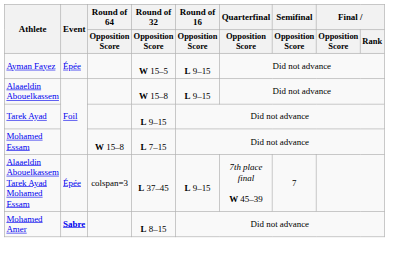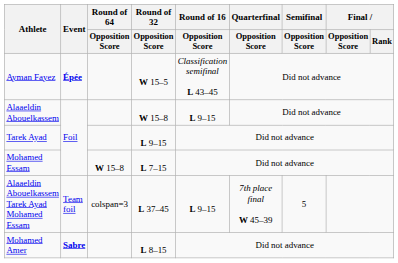 <table class="wikitable" style="font-size:90%">
 <tr>
 <th rowspan=2>Athlete</th>
 <th rowspan=2>Event</th>
 <th>Round of 64</th>
 <th>Round of 32</th>
 <th>Round of 16</th>
 <th>Quarterfinal</th>
 <th>Semifinal</th>
 <th colspan=2>Final / </th>
 </tr>
 <tr style="font-size:95%">
 <th>Opposition<br>Score</th>
 <th>Opposition<br>Score</th>
 <th>Opposition<br>Score</th>
 <th>Opposition<br>Score</th>
 <th>Opposition<br>Score</th>
 <th>Opposition<br>Score</th>
 <th>Rank</th>
 </tr>
 <tr align=center>
 <td align=left><a href='#'>Ayman Fayez</a></td>
-<td align=left><a href='#'>Épée</a></td>
+<td align=left><strong><a href='#'>Épée</a></strong></td>
 <td></td>
 <td><br><strong>W</strong> 15–5</td>
-<td><br><strong>L</strong> 9–15</td>
+<td><em>Classification semifinal</em><br><br><strong>L</strong> 43–45</td>
 <td colspan=4>Did not advance</td>
 </tr>
 <tr align=center>
 <td align=left><a href='#'>Alaaeldin Abouelkassem</a></td>
 <td align=left rowspan=3><a href='#'>Foil</a></td>
 <td></td>
 <td><br><strong>W</strong> 15–8</td>
 <td><br><strong>L</strong> 9–15</td>
 <td colspan=4>Did not advance</td>
 </tr>
 <tr align=center>
 <td align=left><a href='#'>Tarek Ayad</a></td>
 <td></td>
 <td><br><strong>L</strong> 9–15</td>
 <td colspan=5>Did not advance</td>
 </tr>
 <tr align=center>
 <td align=left><a href='#'>Mohamed Essam</a></td>
 <td><br><strong>W</strong> 15–8</td>
 <td><br><strong>L</strong> 7–15</td>
 <td colspan=5>Did not advance</td>
 </tr>
 <tr align=center>
 <td align=left><a href='#'>Alaaeldin Abouelkassem</a><br><a href='#'>Tarek Ayad</a><br><a href='#'>Mohamed Essam</a></td>
-<td align=left><a href='#'>Épée</a></td>
+<td align=left><a href='#'>Team foil</a></td>
 <td>colspan=3 </td>
 <td><br><strong>L</strong> 37–45</td>
 <td><br><strong>L</strong> 9–15</td>
 <td><em>7th place final</em><br><br><strong>W</strong> 45–39</td>
-<td>7</td>
+<td>5</td>
 </tr>
 <tr align=center>
 <td align=left><a href='#'>Mohamed Amer</a></td>
 <td align=left><strong><a href='#'>Sabre</a></strong></td>
 <td></td>
 <td><br><strong>L</strong> 8–15</td>
 <td colspan=5>Did not advance</td>
 </tr>
 </table>
